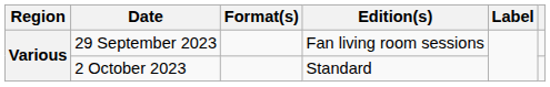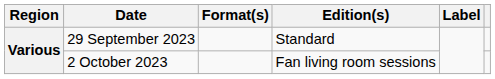 <table class="wikitable plainrowheaders">
 <tr>
 <th scope="col">Region</th>
 <th scope="col">Date</th>
 <th scope="col">Format(s)</th>
 <th scope="col">Edition(s)</th>
 <th scope="col">Label</th>
 <th scope="col"></th>
 </tr>
 <tr>
 <th scope="row" rowspan="2">Various</th>
 <td>29 September 2023</td>
 <td></td>
-<td>Fan living room sessions</td>
+<td>Standard</td>
 <td rowspan="2"></td>
 <td></td>
 </tr>
 <tr>
 <td>2 October 2023</td>
 <td></td>
-<td>Standard</td>
+<td>Fan living room sessions</td>
 <td></td>
 </tr>
 </table>
